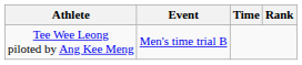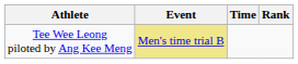 <table class=wikitable style="font-size:90%">
 <tr>
 <th>Athlete</th>
 <th>Event</th>
 <th>Time</th>
 <th>Rank</th>
 </tr>
 <tr align=center>
 <td><a href='#'>Tee Wee Leong</a><br> piloted by <a href='#'>Ang Kee Meng</a></td>
-<td><a href='#'>Men's time trial B</a></td>
+<td style="background: khaki;"><a href='#'>Men's time trial B</a></td>
 <td colspan="2"></td>
 </tr>
 </table>
